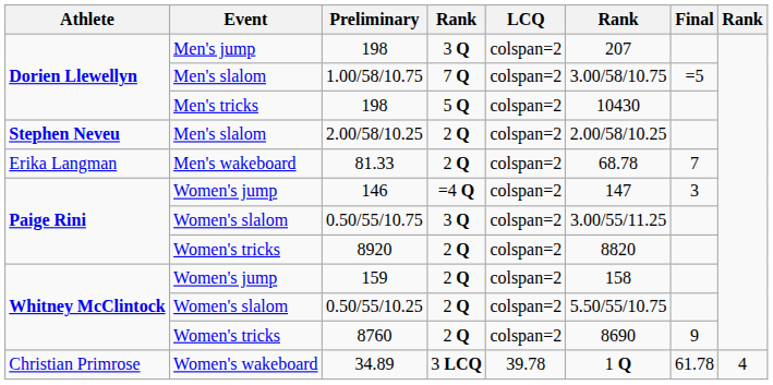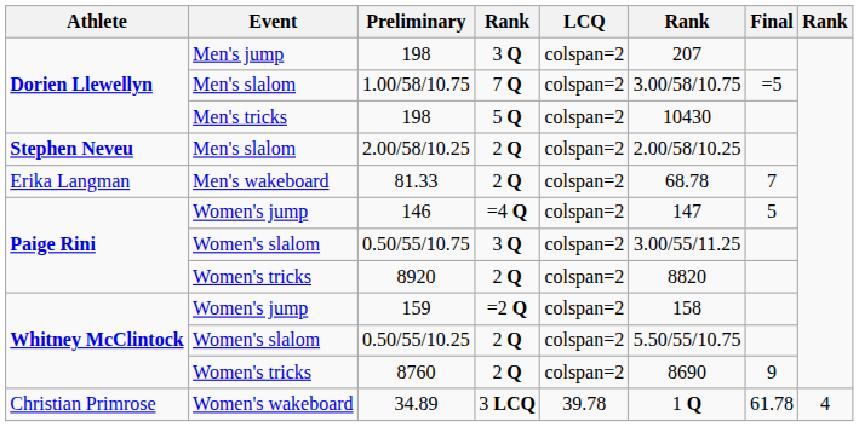 <table class="wikitable" style="font-size:90%">
 <tr>
 <th>Athlete</th>
 <th>Event</th>
 <th>Preliminary</th>
 <th>Rank</th>
 <th>LCQ</th>
 <th>Rank</th>
 <th>Final</th>
 <th>Rank</th>
 </tr>
 <tr align=center>
 <td rowspan=3 align=left><strong><a href='#'>Dorien Llewellyn</a></strong></td>
 <td align=left><a href='#'>Men's jump</a></td>
 <td>198</td>
 <td>3 <strong>Q</strong></td>
 <td>colspan=2 </td>
 <td>207</td>
 <td></td>
 </tr>
 <tr align=center>
 <td align=left><a href='#'>Men's slalom</a></td>
 <td>1.00/58/10.75</td>
 <td>7 <strong>Q</strong></td>
 <td>colspan=2 </td>
 <td>3.00/58/10.75</td>
 <td>=5</td>
 </tr>
 <tr align=center>
 <td align=left><a href='#'>Men's tricks</a></td>
 <td>198</td>
 <td>5 <strong>Q</strong></td>
 <td>colspan=2 </td>
 <td>10430</td>
 <td></td>
 </tr>
 <tr align=center>
 <td align=left><strong><a href='#'>Stephen Neveu</a></strong></td>
 <td align=left><a href='#'>Men's slalom</a></td>
 <td>2.00/58/10.25</td>
 <td>2 <strong>Q</strong></td>
 <td>colspan=2 </td>
 <td>2.00/58/10.25</td>
 <td></td>
 </tr>
 <tr align=center>
 <td align=left><a href='#'>Erika Langman</a></td>
 <td align=left><a href='#'>Men's wakeboard</a></td>
 <td>81.33</td>
 <td>2 <strong>Q</strong></td>
 <td>colspan=2 </td>
 <td>68.78</td>
 <td>7</td>
 </tr>
 <tr align=center>
 <td rowspan=3 align=left><strong><a href='#'>Paige Rini</a></strong></td>
 <td align=left><a href='#'>Women's jump</a></td>
 <td>146</td>
 <td>=4 <strong>Q</strong></td>
 <td>colspan=2 </td>
 <td>147</td>
-<td>3</td>
+<td>5</td>
 </tr>
 <tr align=center>
 <td align=left><a href='#'>Women's slalom</a></td>
 <td>0.50/55/10.75</td>
 <td>3 <strong>Q</strong></td>
 <td>colspan=2 </td>
 <td>3.00/55/11.25</td>
 <td></td>
 </tr>
 <tr align=center>
 <td align=left><a href='#'>Women's tricks</a></td>
 <td>8920</td>
 <td>2 <strong>Q</strong></td>
 <td>colspan=2 </td>
 <td>8820</td>
 <td></td>
 </tr>
 <tr align=center>
 <td rowspan=3 align=left><strong><a href='#'>Whitney McClintock</a></strong></td>
 <td align=left><a href='#'>Women's jump</a></td>
 <td>159</td>
-<td>2 <strong>Q</strong></td>
+<td>=2 <strong>Q</strong></td>
 <td>colspan=2 </td>
 <td>158</td>
 <td></td>
 </tr>
 <tr align=center>
 <td align=left><a href='#'>Women's slalom</a></td>
 <td>0.50/55/10.25</td>
 <td>2 <strong>Q</strong></td>
 <td>colspan=2 </td>
 <td>5.50/55/10.75</td>
 <td></td>
 </tr>
 <tr align=center>
 <td align=left><a href='#'>Women's tricks</a></td>
 <td>8760</td>
 <td>2 <strong>Q</strong></td>
 <td>colspan=2 </td>
 <td>8690</td>
 <td>9</td>
 </tr>
 <tr align=center>
 <td align=left><a href='#'>Christian Primrose</a></td>
 <td align=left><a href='#'>Women's wakeboard</a></td>
 <td>34.89</td>
 <td>3 <strong>LCQ</strong></td>
 <td>39.78</td>
 <td>1 <strong>Q</strong></td>
 <td>61.78</td>
 <td>4</td>
 </tr>
 </table>
